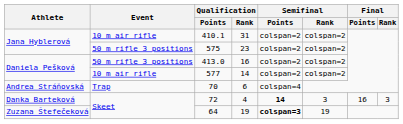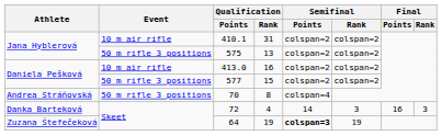 <table class="wikitable" style="font-size:90%">
 <tr>
 <th rowspan="2">Athlete</th>
 <th rowspan="2">Event</th>
 <th colspan=2>Qualification</th>
 <th colspan=2>Semifinal</th>
 <th colspan=2>Final</th>
 </tr>
 <tr style="font-size:95%">
 <th>Points</th>
 <th>Rank</th>
 <th>Points</th>
 <th>Rank</th>
 <th>Points</th>
 <th>Rank</th>
 </tr>
 <tr align=center>
 <td rowspan=2 align=left><a href='#'>Jana Hyblerová</a></td>
 <td align=left><a href='#'>10 m air rifle</a></td>
 <td>410.1</td>
 <td>31</td>
 <td>colspan=2 </td>
 <td>colspan=2 </td>
 </tr>
 <tr align=center>
 <td align=left><a href='#'>50 m rifle 3 positions</a></td>
 <td>575</td>
-<td>23</td>
+<td>13</td>
 <td>colspan=2 </td>
 <td>colspan=2 </td>
 </tr>
 <tr align=center>
 <td rowspan=2 align=left><a href='#'>Daniela Pešková</a></td>
-<td align=left><a href='#'>50 m rifle 3 positions</a></td>
+<td align=left><a href='#'>10 m air rifle</a></td>
 <td>413.0</td>
 <td>16</td>
 <td>colspan=2 </td>
 <td>colspan=2 </td>
 </tr>
 <tr align=center>
-<td align=left><a href='#'>10 m air rifle</a></td>
+<td align=left><a href='#'>50 m rifle 3 positions</a></td>
 <td>577</td>
-<td>14</td>
+<td>15</td>
 <td>colspan=2 </td>
 <td>colspan=2 </td>
 </tr>
 <tr align=center>
 <td align=left><a href='#'>Andrea Stráňovská</a></td>
-<td align=left><a href='#'>Trap</a></td>
+<td align=left><a href='#'>50 m rifle 3 positions</a></td>
 <td>70</td>
-<td>6</td>
+<td>8</td>
 <td>colspan=4 </td>
 </tr>
 <tr align=center>
 <td align=left><a href='#'>Danka Barteková</a></td>
 <td align=left rowspan=2><a href='#'>Skeet</a></td>
 <td>72</td>
 <td>4</td>
-<td><strong>14</strong></td>
+<td>14</td>
 <td>3</td>
 <td>16</td>
 <td>3</td>
 </tr>
 <tr align=center>
 <td align=left><a href='#'>Zuzana Štefečeková</a></td>
 <td>64</td>
 <td>19</td>
 <td><strong>colspan=3 </strong></td>
 <td>19</td>
 </tr>
 </table>
